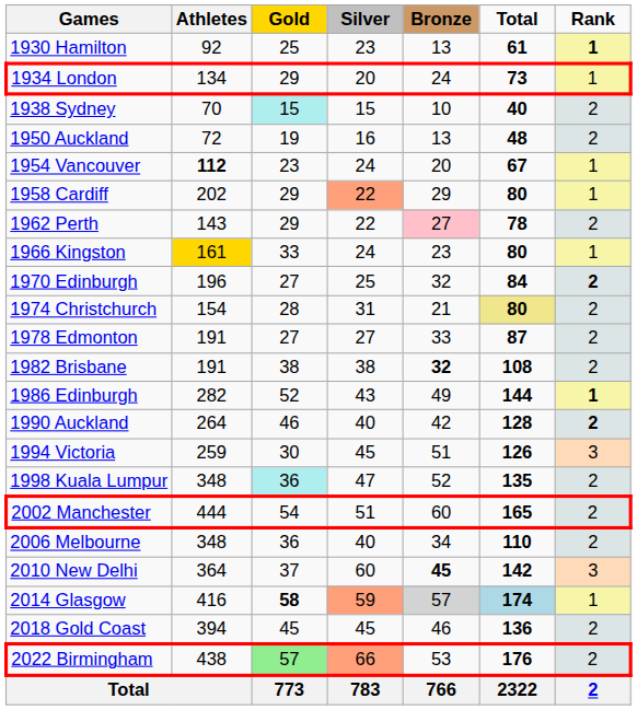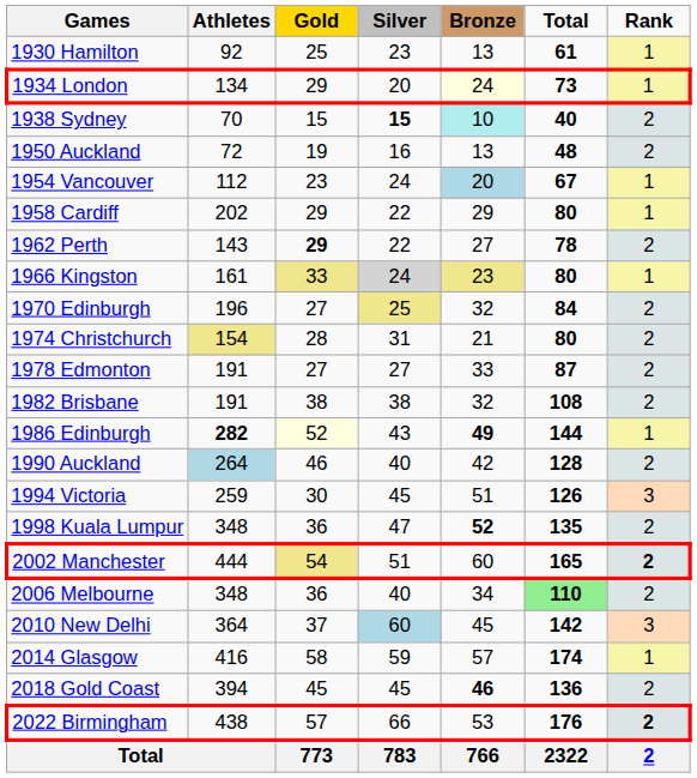 <table class="wikitable" style="text-align:center">
 <tr>
 <th>Games</th>
 <th>Athletes</th>
 <td width=60 bgcolor=gold><strong>Gold</strong></td>
 <td width=60 bgcolor=silver><strong>Silver</strong></td>
 <td width=60 bgcolor=cc9966><strong>Bronze</strong></td>
 <td width=60><strong>Total</strong></td>
 <td width=60><strong>Rank</strong></td>
 </tr>
 <tr>
 <td align=left> <a href='#'>1930 Hamilton</a></td>
 <td>92</td>
 <td>25</td>
 <td>23</td>
 <td>13</td>
 <td><strong>61</strong></td>
-<td bgcolor=F7F6A8><strong>1</strong></td>
+<td bgcolor=F7F6A8>1</td>
 </tr>
 <tr style="border: 3px solid red">
 <td align=left> <a href='#'>1934 London</a></td>
 <td>134</td>
 <td>29</td>
 <td>20</td>
-<td>24</td>
+<td style="background: lightyellow;">24</td>
 <td><strong>73</strong></td>
 <td bgcolor=F7F6A8>1</td>
 </tr>
 <tr>
 <td align=left> <a href='#'>1938 Sydney</a></td>
 <td>70</td>
-<td style="background: paleturquoise;">15</td>
 <td>15</td>
-<td>10</td>
+<td><strong>15</strong></td>
+<td style="background: paleturquoise;">10</td>
 <td><strong>40</strong></td>
 <td bgcolor=DCE5E5>2</td>
 </tr>
 <tr>
 <td align=left> <a href='#'>1950 Auckland</a></td>
 <td>72</td>
 <td>19</td>
 <td>16</td>
 <td>13</td>
 <td><strong>48</strong></td>
 <td bgcolor=DCE5E5>2</td>
 </tr>
 <tr>
 <td align=left> <a href='#'>1954 Vancouver</a></td>
-<td><strong>112</strong></td>
+<td>112</td>
 <td>23</td>
 <td>24</td>
-<td>20</td>
+<td style="background: lightblue;">20</td>
 <td><strong>67</strong></td>
 <td bgcolor=F7F6A8>1</td>
 </tr>
 <tr>
 <td align=left> <a href='#'>1958 Cardiff</a></td>
 <td>202</td>
 <td>29</td>
-<td style="background: lightsalmon;">22</td>
+<td>22</td>
 <td>29</td>
 <td><strong>80</strong></td>
 <td bgcolor=F7F6A8>1</td>
 </tr>
 <tr>
 <td align=left> <a href='#'>1962 Perth</a></td>
 <td>143</td>
-<td>29</td>
+<td><strong>29</strong></td>
 <td>22</td>
-<td style="background: pink;">27</td>
+<td>27</td>
 <td><strong>78</strong></td>
 <td bgcolor=DCE5E5>2</td>
 </tr>
 <tr>
 <td align=left> <a href='#'>1966 Kingston</a></td>
-<td style="background: gold;">161</td>
-<td>33</td>
-<td>24</td>
-<td>23</td>
+<td>161</td>
+<td style="background: khaki;">33</td>
+<td style="background: lightgrey;">24</td>
+<td style="background: khaki;">23</td>
 <td><strong>80</strong></td>
 <td bgcolor=F7F6A8>1</td>
 </tr>
 <tr>
 <td align=left> <a href='#'>1970 Edinburgh</a></td>
 <td>196</td>
 <td>27</td>
-<td>25</td>
+<td style="background: khaki;">25</td>
 <td>32</td>
 <td><strong>84</strong></td>
-<td bgcolor=DCE5E5><strong>2</strong></td>
+<td bgcolor=DCE5E5>2</td>
 </tr>
 <tr>
 <td align=left> <a href='#'>1974 Christchurch</a></td>
-<td>154</td>
+<td style="background: khaki;">154</td>
 <td>28</td>
 <td>31</td>
 <td>21</td>
-<td style="background: khaki;"><strong>80</strong></td>
+<td><strong>80</strong></td>
 <td bgcolor=DCE5E5>2</td>
 </tr>
 <tr>
 <td align=left> <a href='#'>1978 Edmonton</a></td>
 <td>191</td>
 <td>27</td>
 <td>27</td>
 <td>33</td>
 <td><strong>87</strong></td>
 <td bgcolor=DCE5E5>2</td>
 </tr>
 <tr>
 <td align=left> <a href='#'>1982 Brisbane</a></td>
 <td>191</td>
 <td>38</td>
 <td>38</td>
-<td><strong>32</strong></td>
+<td>32</td>
 <td><strong>108</strong></td>
 <td bgcolor=DCE5E5>2</td>
 </tr>
 <tr>
 <td align=left> <a href='#'>1986 Edinburgh</a></td>
-<td>282</td>
-<td>52</td>
+<td><strong>282</strong></td>
+<td style="background: lightyellow;">52</td>
 <td>43</td>
-<td>49</td>
+<td><strong>49</strong></td>
 <td><strong>144</strong></td>
-<td bgcolor=F7F6A8><strong>1</strong></td>
+<td bgcolor=F7F6A8>1</td>
 </tr>
 <tr>
 <td align=left> <a href='#'>1990 Auckland</a></td>
-<td>264</td>
+<td style="background: lightblue;">264</td>
 <td>46</td>
 <td>40</td>
 <td>42</td>
 <td><strong>128</strong></td>
-<td bgcolor=DCE5E5><strong>2</strong></td>
+<td bgcolor=DCE5E5>2</td>
 </tr>
 <tr>
 <td align=left> <a href='#'>1994 Victoria</a></td>
 <td>259</td>
 <td>30</td>
 <td>45</td>
 <td>51</td>
 <td><strong>126</strong></td>
 <td bgcolor=ffdab9>3</td>
 </tr>
 <tr>
 <td align=left> <a href='#'>1998 Kuala Lumpur</a></td>
 <td>348</td>
-<td style="background: paleturquoise;">36</td>
+<td>36</td>
 <td>47</td>
-<td>52</td>
+<td><strong>52</strong></td>
 <td><strong>135</strong></td>
 <td bgcolor=DCE5E5>2</td>
 </tr>
 <tr style="border: 3px solid red">
 <td align=left> <a href='#'>2002 Manchester</a></td>
 <td>444</td>
-<td>54</td>
+<td style="background: khaki;">54</td>
 <td>51</td>
 <td>60</td>
 <td><strong>165</strong></td>
-<td bgcolor=DCE5E5>2</td>
+<td bgcolor=DCE5E5><strong>2</strong></td>
 </tr>
 <tr>
 <td align=left> <a href='#'>2006 Melbourne</a></td>
 <td>348</td>
 <td>36</td>
 <td>40</td>
 <td>34</td>
-<td><strong>110</strong></td>
+<td style="background: lightgreen;"><strong>110</strong></td>
 <td bgcolor=DCE5E5>2</td>
 </tr>
 <tr>
 <td align=left> <a href='#'>2010 New Delhi</a></td>
 <td>364</td>
 <td>37</td>
-<td>60</td>
-<td><strong>45</strong></td>
+<td style="background: lightblue;">60</td>
+<td>45</td>
 <td><strong>142</strong></td>
 <td bgcolor=ffdab9>3</td>
 </tr>
 <tr>
 <td align=left> <a href='#'>2014 Glasgow</a></td>
 <td>416</td>
-<td><strong>58</strong></td>
-<td style="background: lightsalmon;">59</td>
-<td style="background: lightgrey;">57</td>
-<td style="background: lightblue;"><strong>174</strong></td>
+<td>58</td>
+<td>59</td>
+<td>57</td>
+<td><strong>174</strong></td>
 <td bgcolor=F7F6A8>1</td>
 </tr>
 <tr>
 <td align=left> <a href='#'>2018 Gold Coast</a></td>
 <td>394</td>
 <td>45</td>
 <td>45</td>
-<td>46</td>
+<td><strong>46</strong></td>
 <td><strong>136</strong></td>
 <td bgcolor=DCE5E5>2</td>
 </tr>
 <tr style="border: 3px solid red">
 <td align=left> <a href='#'>2022 Birmingham</a></td>
 <td>438</td>
-<td style="background: lightgreen;">57</td>
-<td style="background: lightsalmon;">66</td>
+<td>57</td>
+<td>66</td>
 <td>53</td>
 <td><strong>176</strong></td>
-<td bgcolor=DCE5E5>2</td>
+<td bgcolor=DCE5E5><strong>2</strong></td>
 </tr>
 <tr>
 <th colspan=2>Total</th>
 <th>773</th>
 <th>783</th>
 <th>766</th>
 <th>2322</th>
 <th><a href='#'>2</a></th>
 </tr>
 </table>
